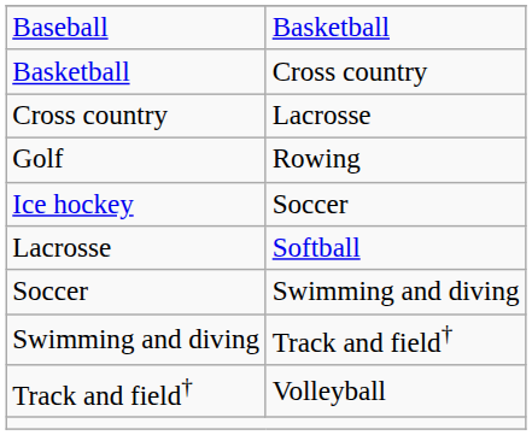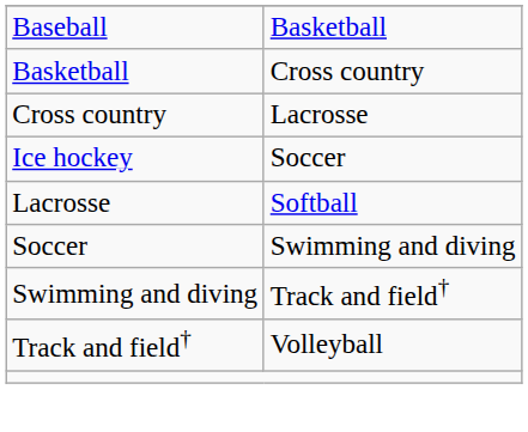 <table class="wikitable" style="float:right; clear:right; margin:0 0 1em 1em;">
 <tr>
 </tr>
 <tr>
 <td><a href='#'>Baseball</a></td>
 <td><a href='#'>Basketball</a></td>
 </tr>
 <tr>
 <td><a href='#'>Basketball</a></td>
 <td>Cross country</td>
 </tr>
 <tr>
 <td>Cross country</td>
 <td>Lacrosse</td>
-</tr>
-<tr>
-<td>Golf</td>
-<td>Rowing</td>
 </tr>
 <tr>
 <td><a href='#'>Ice hockey</a></td>
 <td>Soccer</td>
 </tr>
 <tr>
 <td>Lacrosse</td>
 <td><a href='#'>Softball</a></td>
 </tr>
 <tr>
 <td>Soccer</td>
 <td>Swimming and diving</td>
 </tr>
 <tr>
 <td>Swimming and diving</td>
 <td>Track and field<sup>†</sup></td>
 </tr>
 <tr>
 <td>Track and field<sup>†</sup></td>
 <td>Volleyball</td>
 </tr>
 <tr>
 <td colspan="2"></td>
 </tr>
 </table>
